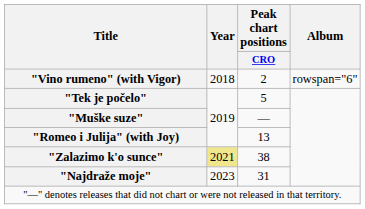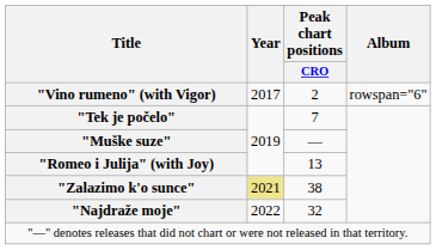 <table class="wikitable plainrowheaders" style="text-align:center;">
 <tr>
 <th scope="col" rowspan="2" style="width:16em;">Title</th>
 <th scope="col" rowspan="2" style="width:1em;">Year</th>
 <th scope="col" colspan="1">Peak chart positions</th>
 <th scope="col" rowspan="2">Album</th>
 </tr>
 <tr>
 <th scope="col" style="width:3em;font-size:85%;"><a href='#'>CRO</a><br></th>
 </tr>
 <tr>
 <th scope="row">"Vino rumeno" <span>(with Vigor)</span></th>
-<td>2018</td>
+<td>2017</td>
 <td>2</td>
 <td>rowspan="6" </td>
 </tr>
 <tr>
 <th scope="row">"Tek je počelo"</th>
 <td rowspan="3">2019</td>
-<td>5</td>
+<td>7</td>
 </tr>
 <tr>
 <th scope="row">"Muške suze"</th>
 <td>—</td>
 </tr>
 <tr>
 <th scope="row">"Romeo i Julija" <span>(with Joy)</span></th>
 <td>13</td>
 </tr>
 <tr>
 <th scope="row">"Zalazimo k'o sunce"</th>
 <td rowspan="1" style="background: khaki;">2021</td>
 <td>38</td>
 </tr>
 <tr>
 <th scope="row">"Najdraže moje"</th>
-<td rowspan="1">2023</td>
-<td>31</td>
+<td rowspan="1">2022</td>
+<td>32</td>
 </tr>
 <tr>
 <td colspan="22" style="text-align:center; font-size:85%;">"—" denotes releases that did not chart or were not released in that territory.</td>
 </tr>
 </table>
